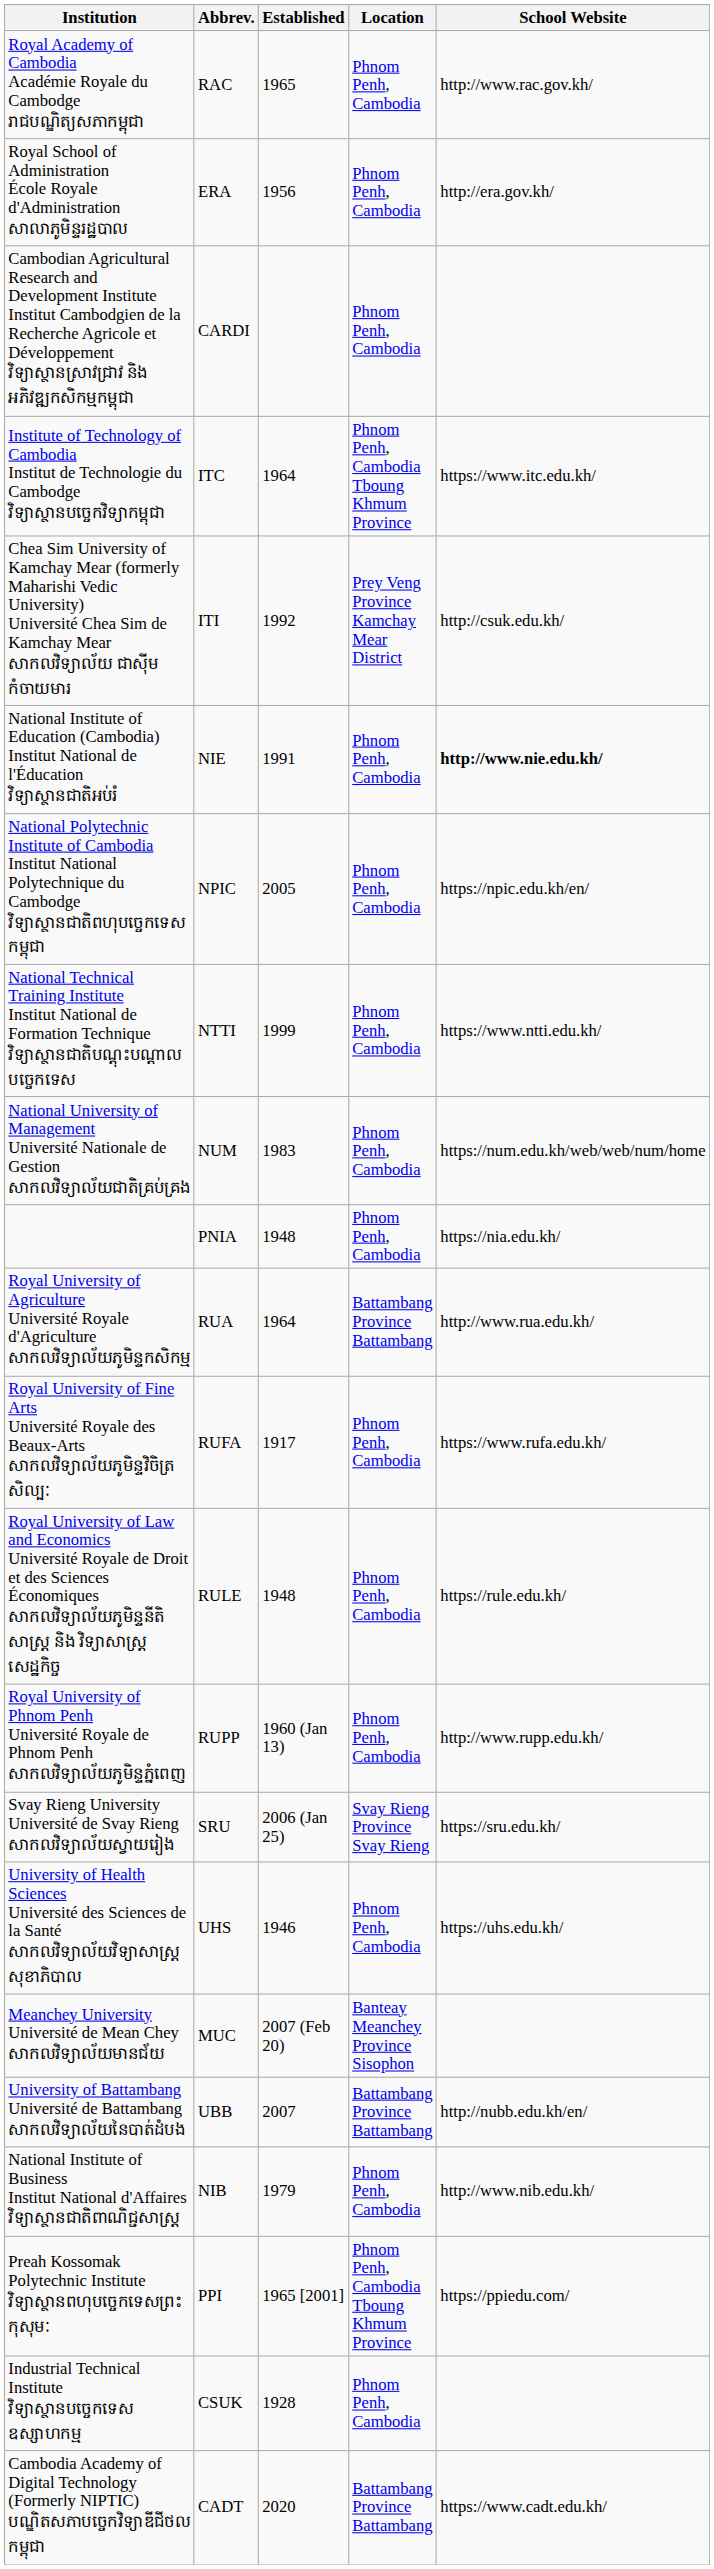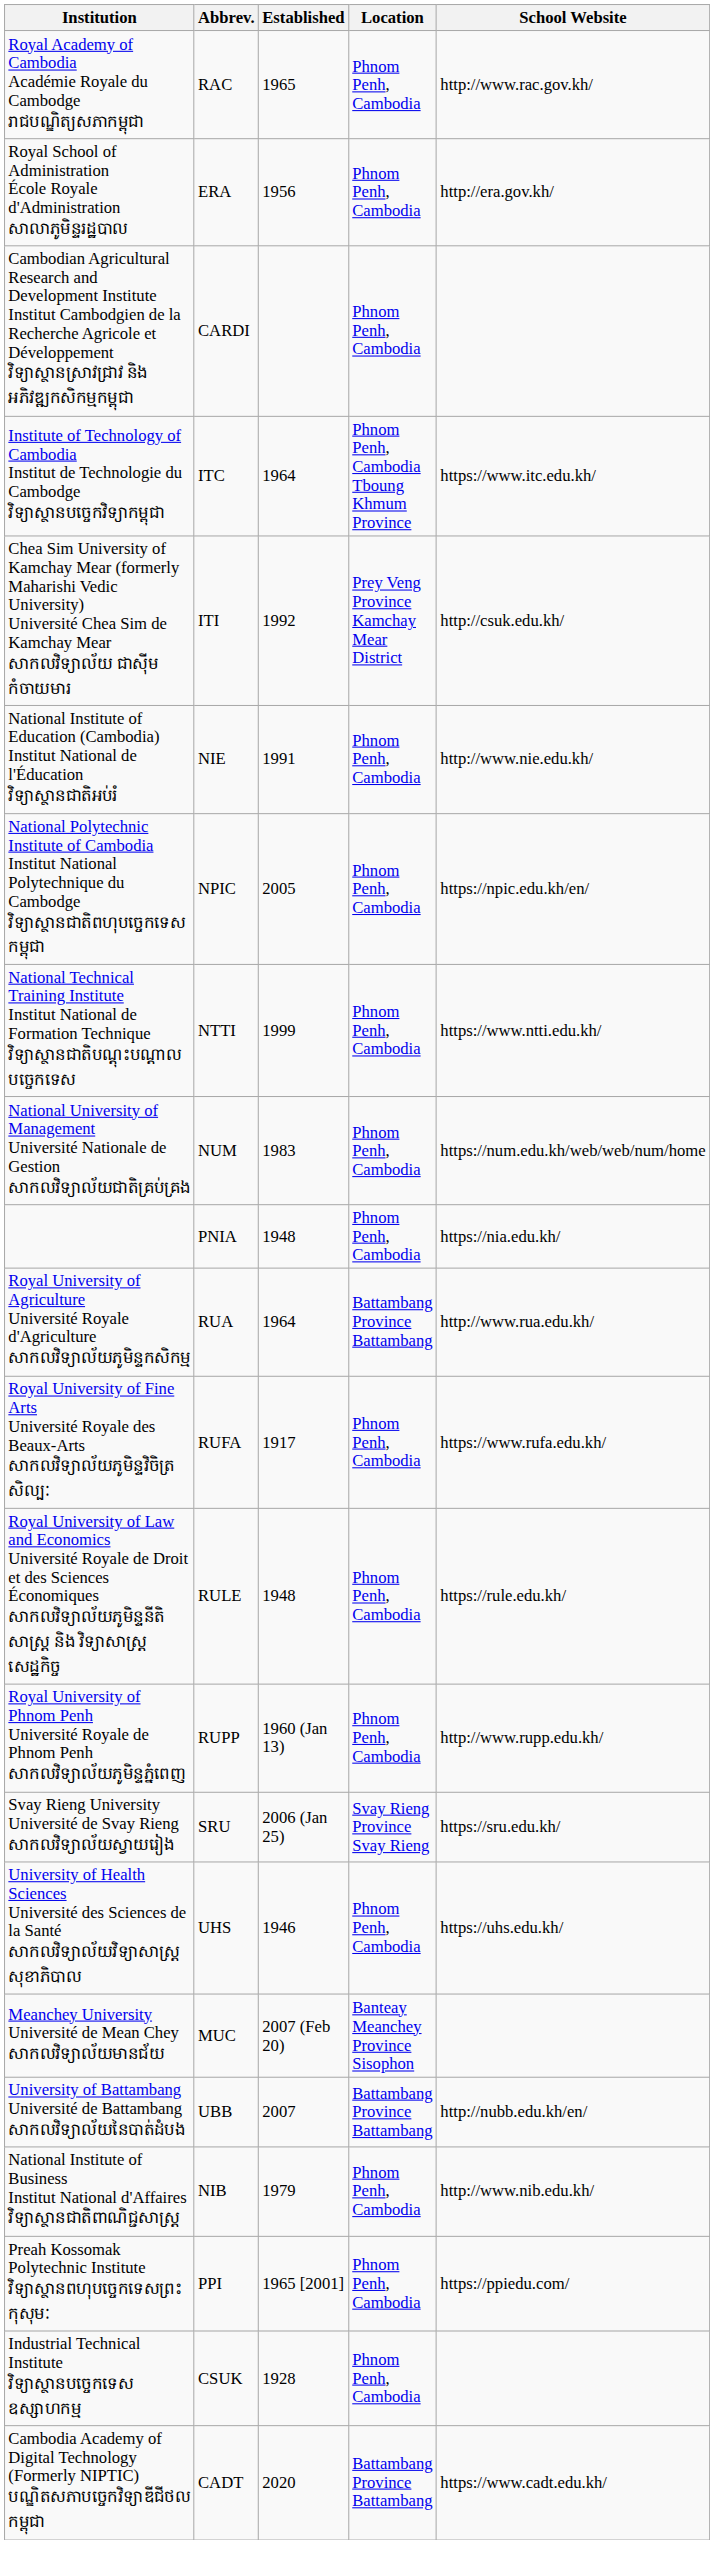 <table class="wikitable sortable">
 <tr>
 <th>Institution</th>
 <th>Abbrev.</th>
 <th>Established</th>
 <th>Location</th>
 <th>School Website</th>
 </tr>
 <tr>
 <td><a href='#'>Royal Academy of Cambodia</a><br>Académie Royale du Cambodge<br>រាជបណ្ឌិត្យសភាកម្ពុជា</td>
 <td>RAC</td>
 <td>1965</td>
 <td><a href='#'>Phnom Penh</a>, <a href='#'>Cambodia</a></td>
 <td>http://www.rac.gov.kh/</td>
 </tr>
 <tr>
 <td>Royal School of Administration<br>École Royale d'Administration<br>សាលាភូមិន្ទរដ្ឋបាល</td>
 <td>ERA</td>
 <td>1956</td>
 <td><a href='#'>Phnom Penh</a>, <a href='#'>Cambodia</a></td>
 <td>http://era.gov.kh/</td>
 </tr>
 <tr>
 <td>Cambodian Agricultural Research and Development Institute<br>Institut Cambodgien de la Recherche Agricole et Développement<br>វិទ្យាស្ថានស្រាវជ្រាវ និង អភិវឌ្ឍកសិកម្មកម្ពុជា</td>
 <td>CARDI</td>
 <td></td>
 <td><a href='#'>Phnom Penh</a>, <a href='#'>Cambodia</a></td>
 <td></td>
 </tr>
 <tr>
 <td><a href='#'>Institute of Technology of Cambodia</a><br>Institut de Technologie du Cambodge<br>វិទ្យាស្ថានបច្ចេកវិទ្យាកម្ពុជា</td>
 <td>ITC</td>
 <td>1964</td>
 <td><a href='#'>Phnom Penh</a>, <a href='#'>Cambodia</a><br><a href='#'>Tboung Khmum Province</a></td>
 <td>https://www.itc.edu.kh/</td>
 </tr>
 <tr>
 <td>Chea Sim University of Kamchay Mear (formerly Maharishi Vedic University)<br>Université Chea Sim de Kamchay Mear<br>សាកលវិទ្យាល័យ ជាស៊ីម កំចាយមារ</td>
 <td>ITI</td>
 <td>1992</td>
 <td><a href='#'>Prey Veng Province</a><br><a href='#'>Kamchay Mear District</a></td>
 <td>http://csuk.edu.kh/</td>
 </tr>
 <tr>
 <td>National Institute of Education (Cambodia)<br>Institut National de l'Éducation<br>វិទ្យាស្ថានជាតិអប់រំ</td>
 <td>NIE</td>
 <td>1991</td>
 <td><a href='#'>Phnom Penh</a>, <a href='#'>Cambodia</a></td>
-<td><strong>http://www.nie.edu.kh/</strong></td>
+<td>http://www.nie.edu.kh/</td>
 </tr>
 <tr>
 <td><a href='#'>National Polytechnic Institute of Cambodia</a><br>Institut National Polytechnique du Cambodge<br>វិទ្យាស្ថានជាតិពហុបច្ចេកទេសកម្ពុជា</td>
 <td>NPIC</td>
 <td>2005</td>
 <td><a href='#'>Phnom Penh</a>, <a href='#'>Cambodia</a></td>
 <td>https://npic.edu.kh/en/</td>
 </tr>
 <tr>
 <td><a href='#'>National Technical Training Institute</a><br>Institut National de Formation Technique<br>វិទ្យាស្ថានជាតិបណ្តុះបណ្តាលបច្ចេកទេស</td>
 <td>NTTI</td>
 <td>1999</td>
 <td><a href='#'>Phnom Penh</a>, <a href='#'>Cambodia</a></td>
 <td>https://www.ntti.edu.kh/</td>
 </tr>
 <tr>
 <td><a href='#'>National University of Management</a><br>Université Nationale de Gestion<br>សាកលវិទ្យាល័យជាតិគ្រប់គ្រង</td>
 <td>NUM</td>
 <td>1983</td>
 <td><a href='#'>Phnom Penh</a>, <a href='#'>Cambodia</a></td>
 <td>https://num.edu.kh/web/web/num/home</td>
 </tr>
 <tr>
 <td></td>
 <td>PNIA</td>
 <td>1948</td>
 <td><a href='#'>Phnom Penh</a>, <a href='#'>Cambodia</a></td>
 <td>https://nia.edu.kh/</td>
 </tr>
 <tr>
 <td><a href='#'>Royal University of Agriculture</a><br>Université Royale d'Agriculture<br>សាកលវិទ្យាល័យភូមិន្ទកសិកម្ម</td>
 <td>RUA</td>
 <td>1964</td>
 <td><a href='#'>Battambang Province</a><br><a href='#'>Battambang</a></td>
 <td>http://www.rua.edu.kh/</td>
 </tr>
 <tr>
 <td><a href='#'>Royal University of Fine Arts</a><br>Université Royale des Beaux-Arts<br>សាកលវិទ្យាល័យភូមិន្ទវិចិត្រសិល្បៈ</td>
 <td>RUFA</td>
 <td>1917</td>
 <td><a href='#'>Phnom Penh</a>, <a href='#'>Cambodia</a></td>
 <td>https://www.rufa.edu.kh/</td>
 </tr>
 <tr>
 <td><a href='#'>Royal University of Law and Economics</a><br>Université Royale de Droit et des Sciences Économiques<br>សាកលវិទ្យាល័យភូមិន្ទនីតិសាស្រ្ត និង វិទ្យាសាស្រ្តសេដ្ឋកិច្ច</td>
 <td>RULE</td>
 <td>1948</td>
 <td><a href='#'>Phnom Penh</a>, <a href='#'>Cambodia</a></td>
 <td>https://rule.edu.kh/</td>
 </tr>
 <tr>
 <td><a href='#'>Royal University of Phnom Penh</a><br>Université Royale de Phnom Penh<br>សាកលវិទ្យាល័យភូមិន្ទភ្នំពេញ</td>
 <td>RUPP</td>
 <td>1960 (Jan 13)</td>
 <td><a href='#'>Phnom Penh</a>, <a href='#'>Cambodia</a></td>
 <td>http://www.rupp.edu.kh/</td>
 </tr>
 <tr>
 <td>Svay Rieng University<br>Université de Svay Rieng<br>សាកលវិទ្យាល័យស្វាយរៀង</td>
 <td>SRU</td>
 <td>2006 (Jan 25)</td>
 <td><a href='#'>Svay Rieng Province</a><br><a href='#'>Svay Rieng</a></td>
 <td>https://sru.edu.kh/</td>
 </tr>
 <tr>
 <td><a href='#'>University of Health Sciences</a><br>Université des Sciences de la Santé<br>សាកលវិទ្យាល័យវិទ្យាសាស្រ្តសុខាភិបាល</td>
 <td>UHS</td>
 <td>1946</td>
 <td><a href='#'>Phnom Penh</a>, <a href='#'>Cambodia</a></td>
 <td>https://uhs.edu.kh/</td>
 </tr>
 <tr>
 <td><a href='#'>Meanchey University</a><br>Université de Mean Chey<br>សាកលវិទ្យាល័យមានជ័យ</td>
 <td>MUC</td>
 <td>2007 (Feb 20)</td>
 <td><a href='#'>Banteay Meanchey Province</a><br><a href='#'>Sisophon</a></td>
 <td></td>
 </tr>
 <tr>
 <td><a href='#'>University of Battambang</a> <br>Université de Battambang<br>សាកលវិទ្យាល័យនៃបាត់ដំបង</td>
 <td>UBB</td>
 <td>2007</td>
 <td><a href='#'>Battambang Province</a><br><a href='#'>Battambang</a></td>
 <td>http://nubb.edu.kh/en/</td>
 </tr>
 <tr>
 <td>National Institute of Business<br>Institut National d'Affaires<br>វិទ្យាស្ថានជាតិពាណិជ្ជសាស្រ្ត</td>
 <td>NIB</td>
 <td>1979</td>
 <td><a href='#'>Phnom Penh</a>, <a href='#'>Cambodia</a></td>
 <td>http://www.nib.edu.kh/</td>
 </tr>
 <tr>
 <td>Preah Kossomak Polytechnic Institute<br>វិទ្យាស្ថានពហុបច្ចេកទេសព្រះកុសុមៈ</td>
 <td>PPI</td>
 <td>1965 [2001]</td>
-<td><a href='#'>Phnom Penh</a>, <a href='#'>Cambodia</a><br><a href='#'>Tboung Khmum Province</a></td>
+<td><a href='#'>Phnom Penh</a>, <a href='#'>Cambodia</a></td>
 <td>https://ppiedu.com/</td>
 </tr>
 <tr>
 <td>Industrial Technical Institute<br>វិទ្យាស្ថានបច្ចេកទេសឧស្សាហកម្ម</td>
 <td>CSUK</td>
 <td>1928</td>
 <td><a href='#'>Phnom Penh</a>, <a href='#'>Cambodia</a></td>
 <td></td>
 </tr>
 <tr>
 <td>Cambodia Academy of Digital Technology (Formerly NIPTIC)<br>បណ្ឌិតសភាបច្ចេកវិទ្យាឌីជីថលកម្ពុជា</td>
 <td>CADT</td>
 <td>2020</td>
 <td><a href='#'>Battambang Province</a><br><a href='#'>Battambang</a></td>
 <td>https://www.cadt.edu.kh/</td>
 </tr>
 </table>
